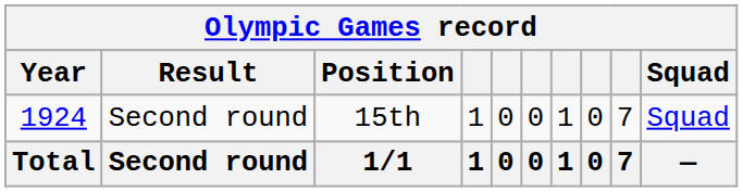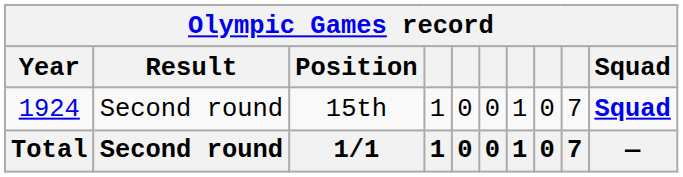 <table class="wikitable" style="text-align: center;">
 <tr>
 <th colspan=10><a href='#'>Olympic Games</a> record</th>
 </tr>
 <tr>
 <th>Year</th>
 <th>Result</th>
 <th>Position</th>
 <th></th>
 <th></th>
 <th></th>
 <th></th>
 <th></th>
 <th></th>
 <th>Squad</th>
 </tr>
 <tr>
 <td> <a href='#'>1924</a></td>
 <td>Second round</td>
 <td>15th</td>
 <td>1</td>
 <td>0</td>
 <td>0</td>
 <td>1</td>
 <td>0</td>
 <td>7</td>
-<td><a href='#'>Squad</a></td>
+<td><strong><a href='#'>Squad</a></strong></td>
 </tr>
 <tr>
 <th>Total</th>
 <th>Second round</th>
 <th>1/1</th>
 <th>1</th>
 <th>0</th>
 <th>0</th>
 <th>1</th>
 <th>0</th>
 <th>7</th>
 <th>—</th>
 </tr>
 </table>
